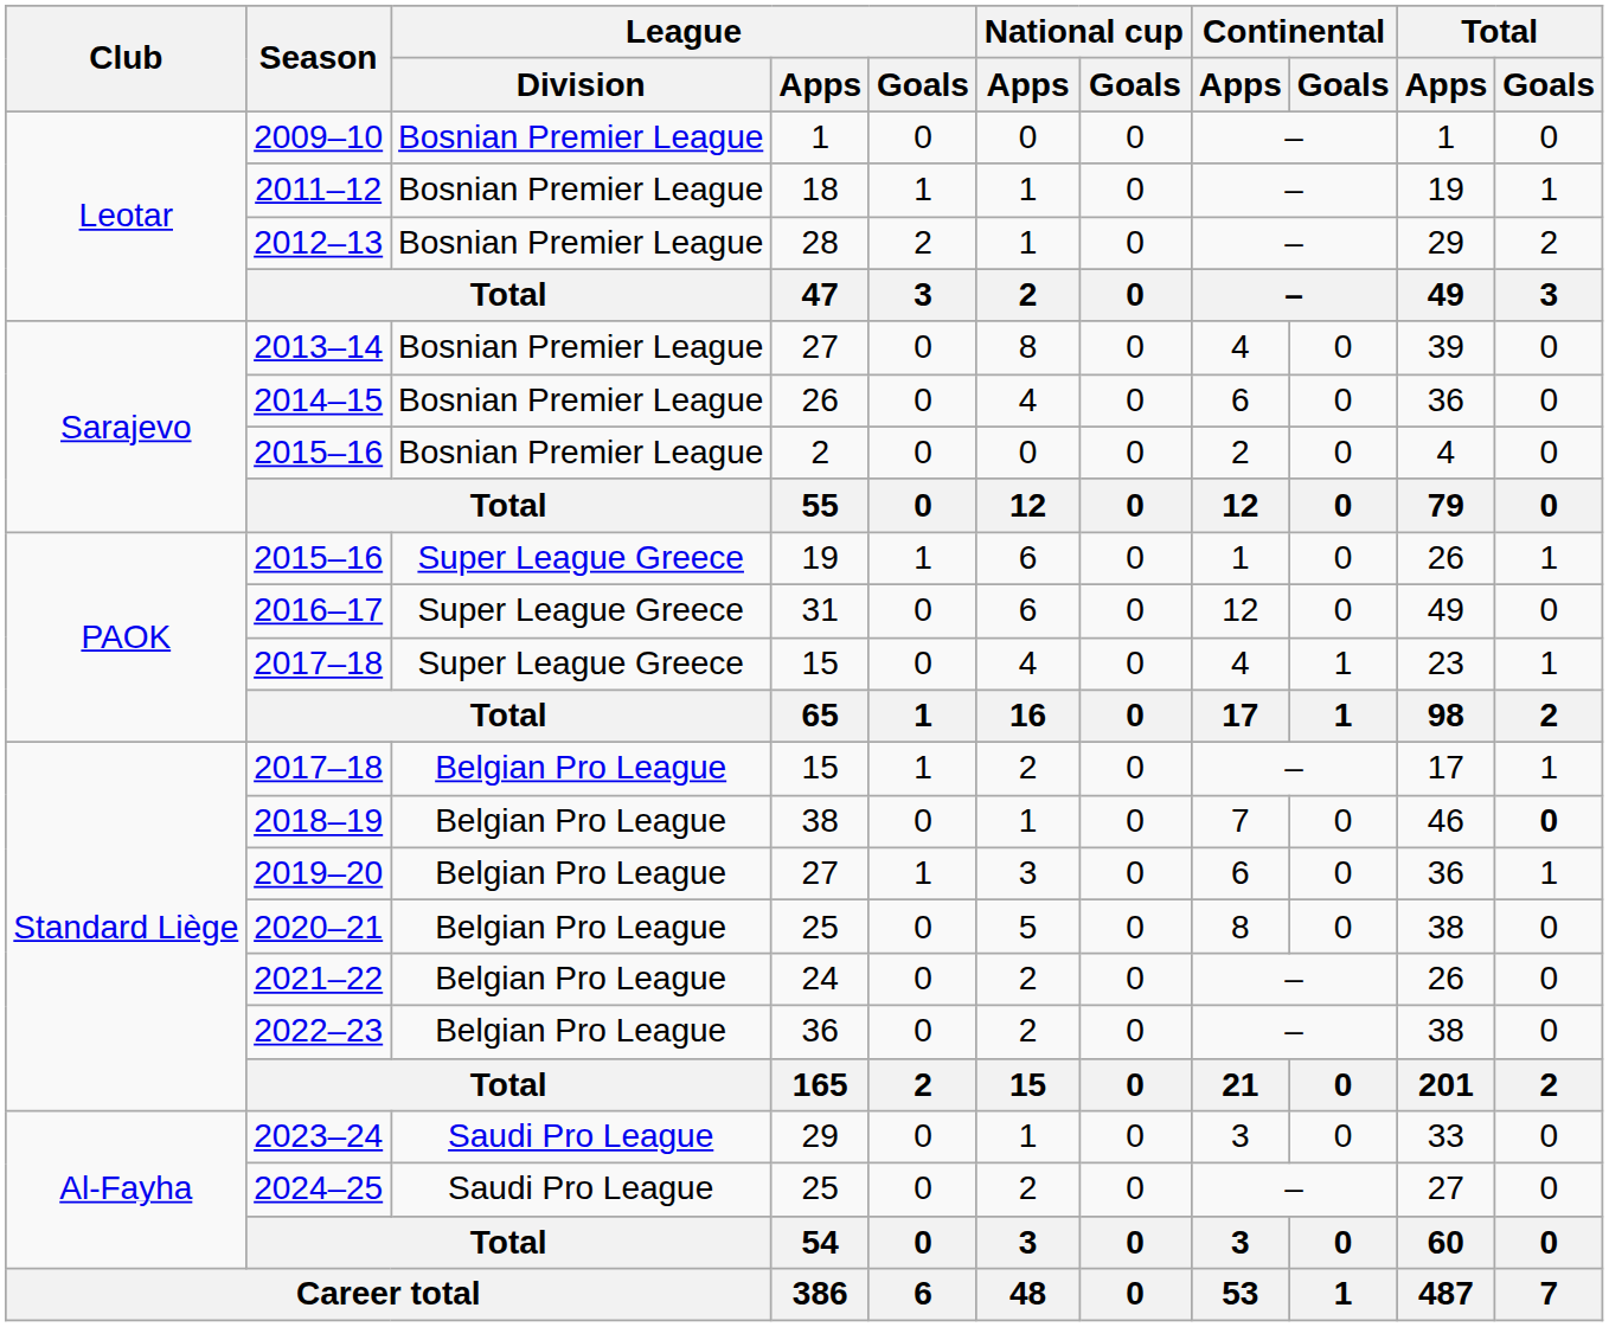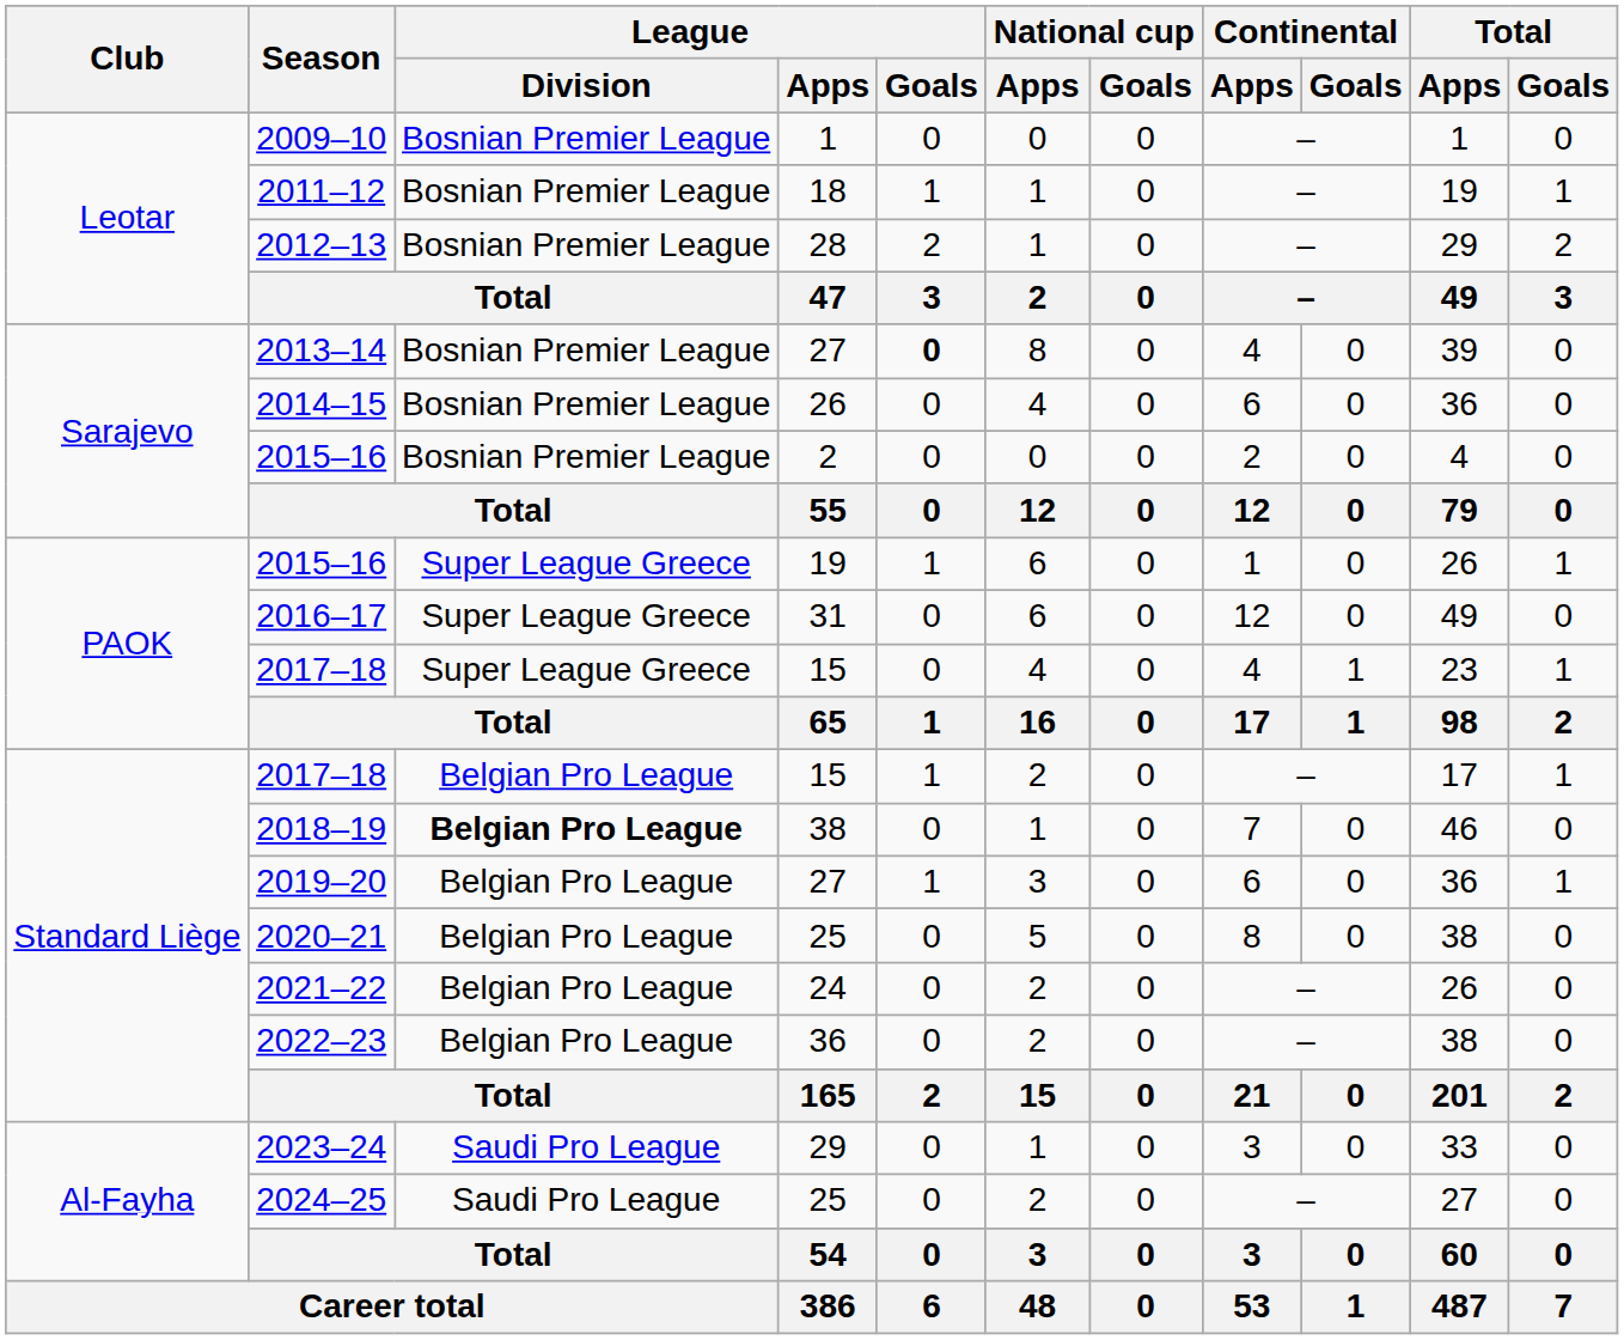 <table class="wikitable" style="text-align:center">
 <tr>
 <th rowspan=2>Club</th>
 <th rowspan=2>Season</th>
 <th colspan=3>League</th>
 <th colspan=2>National cup</th>
 <th colspan=2>Continental</th>
 <th colspan=2>Total</th>
 </tr>
 <tr>
 <th>Division</th>
 <th>Apps</th>
 <th>Goals</th>
 <th>Apps</th>
 <th>Goals</th>
 <th>Apps</th>
 <th>Goals</th>
 <th>Apps</th>
 <th>Goals</th>
 </tr>
 <tr>
 <td rowspan=4><a href='#'>Leotar</a></td>
 <td><a href='#'>2009–10</a></td>
 <td><a href='#'>Bosnian Premier League</a></td>
 <td>1</td>
 <td>0</td>
 <td>0</td>
 <td>0</td>
 <td colspan=2>–</td>
 <td>1</td>
 <td>0</td>
 </tr>
 <tr>
 <td><a href='#'>2011–12</a></td>
 <td>Bosnian Premier League</td>
 <td>18</td>
 <td>1</td>
 <td>1</td>
 <td>0</td>
 <td colspan=2>–</td>
 <td>19</td>
 <td>1</td>
 </tr>
 <tr>
 <td><a href='#'>2012–13</a></td>
 <td>Bosnian Premier League</td>
 <td>28</td>
 <td>2</td>
 <td>1</td>
 <td>0</td>
 <td colspan=2>–</td>
 <td>29</td>
 <td>2</td>
 </tr>
 <tr>
 <th colspan=2>Total</th>
 <th>47</th>
 <th>3</th>
 <th>2</th>
 <th>0</th>
 <th colspan=2>–</th>
 <th>49</th>
 <th>3</th>
 </tr>
 <tr>
 <td rowspan=4><a href='#'>Sarajevo</a></td>
 <td><a href='#'>2013–14</a></td>
 <td>Bosnian Premier League</td>
 <td>27</td>
-<td>0</td>
+<td><strong>0</strong></td>
 <td>8</td>
 <td>0</td>
 <td>4</td>
 <td>0</td>
 <td>39</td>
 <td>0</td>
 </tr>
 <tr>
 <td><a href='#'>2014–15</a></td>
 <td>Bosnian Premier League</td>
 <td>26</td>
 <td>0</td>
 <td>4</td>
 <td>0</td>
 <td>6</td>
 <td>0</td>
 <td>36</td>
 <td>0</td>
 </tr>
 <tr>
 <td><a href='#'>2015–16</a></td>
 <td>Bosnian Premier League</td>
 <td>2</td>
 <td>0</td>
 <td>0</td>
 <td>0</td>
 <td>2</td>
 <td>0</td>
 <td>4</td>
 <td>0</td>
 </tr>
 <tr>
 <th colspan=2>Total</th>
 <th>55</th>
 <th>0</th>
 <th>12</th>
 <th>0</th>
 <th>12</th>
 <th>0</th>
 <th>79</th>
 <th>0</th>
 </tr>
 <tr>
 <td rowspan=4><a href='#'>PAOK</a></td>
 <td><a href='#'>2015–16</a></td>
 <td><a href='#'>Super League Greece</a></td>
 <td>19</td>
 <td>1</td>
 <td>6</td>
 <td>0</td>
 <td>1</td>
 <td>0</td>
 <td>26</td>
 <td>1</td>
 </tr>
 <tr>
 <td><a href='#'>2016–17</a></td>
 <td>Super League Greece</td>
 <td>31</td>
 <td>0</td>
 <td>6</td>
 <td>0</td>
 <td>12</td>
 <td>0</td>
 <td>49</td>
 <td>0</td>
 </tr>
 <tr>
 <td><a href='#'>2017–18</a></td>
 <td>Super League Greece</td>
 <td>15</td>
 <td>0</td>
 <td>4</td>
 <td>0</td>
 <td>4</td>
 <td>1</td>
 <td>23</td>
 <td>1</td>
 </tr>
 <tr>
 <th colspan=2>Total</th>
 <th>65</th>
 <th>1</th>
 <th>16</th>
 <th>0</th>
 <th>17</th>
 <th>1</th>
 <th>98</th>
 <th>2</th>
 </tr>
 <tr>
 <td rowspan=7><a href='#'>Standard Liège</a></td>
 <td><a href='#'>2017–18</a></td>
 <td><a href='#'>Belgian Pro League</a></td>
 <td>15</td>
 <td>1</td>
 <td>2</td>
 <td>0</td>
 <td colspan=2>–</td>
 <td>17</td>
 <td>1</td>
 </tr>
 <tr>
 <td><a href='#'>2018–19</a></td>
-<td>Belgian Pro League</td>
+<td><strong>Belgian Pro League</strong></td>
 <td>38</td>
 <td>0</td>
 <td>1</td>
 <td>0</td>
 <td>7</td>
 <td>0</td>
 <td>46</td>
-<td><strong>0</strong></td>
+<td>0</td>
 </tr>
 <tr>
 <td><a href='#'>2019–20</a></td>
 <td>Belgian Pro League</td>
 <td>27</td>
 <td>1</td>
 <td>3</td>
 <td>0</td>
 <td>6</td>
 <td>0</td>
 <td>36</td>
 <td>1</td>
 </tr>
 <tr>
 <td><a href='#'>2020–21</a></td>
 <td>Belgian Pro League</td>
 <td>25</td>
 <td>0</td>
 <td>5</td>
 <td>0</td>
 <td>8</td>
 <td>0</td>
 <td>38</td>
 <td>0</td>
 </tr>
 <tr>
 <td><a href='#'>2021–22</a></td>
 <td>Belgian Pro League</td>
 <td>24</td>
 <td>0</td>
 <td>2</td>
 <td>0</td>
 <td colspan=2>–</td>
 <td>26</td>
 <td>0</td>
 </tr>
 <tr>
 <td><a href='#'>2022–23</a></td>
 <td>Belgian Pro League</td>
 <td>36</td>
 <td>0</td>
 <td>2</td>
 <td>0</td>
 <td colspan=2>–</td>
 <td>38</td>
 <td>0</td>
 </tr>
 <tr>
 <th colspan=2>Total</th>
 <th>165</th>
 <th>2</th>
 <th>15</th>
 <th>0</th>
 <th>21</th>
 <th>0</th>
 <th>201</th>
 <th>2</th>
 </tr>
 <tr>
 <td rowspan=3><a href='#'>Al-Fayha</a></td>
 <td><a href='#'>2023–24</a></td>
 <td><a href='#'>Saudi Pro League</a></td>
 <td>29</td>
 <td>0</td>
 <td>1</td>
 <td>0</td>
 <td>3</td>
 <td>0</td>
 <td>33</td>
 <td>0</td>
 </tr>
 <tr>
 <td><a href='#'>2024–25</a></td>
 <td>Saudi Pro League</td>
 <td>25</td>
 <td>0</td>
 <td>2</td>
 <td>0</td>
 <td colspan=2>–</td>
 <td>27</td>
 <td>0</td>
 </tr>
 <tr>
 <th colspan=2>Total</th>
 <th>54</th>
 <th>0</th>
 <th>3</th>
 <th>0</th>
 <th>3</th>
 <th>0</th>
 <th>60</th>
 <th>0</th>
 </tr>
 <tr>
 <th colspan=3>Career total</th>
 <th>386</th>
 <th>6</th>
 <th>48</th>
 <th>0</th>
 <th>53</th>
 <th>1</th>
 <th>487</th>
 <th>7</th>
 </tr>
 </table>
